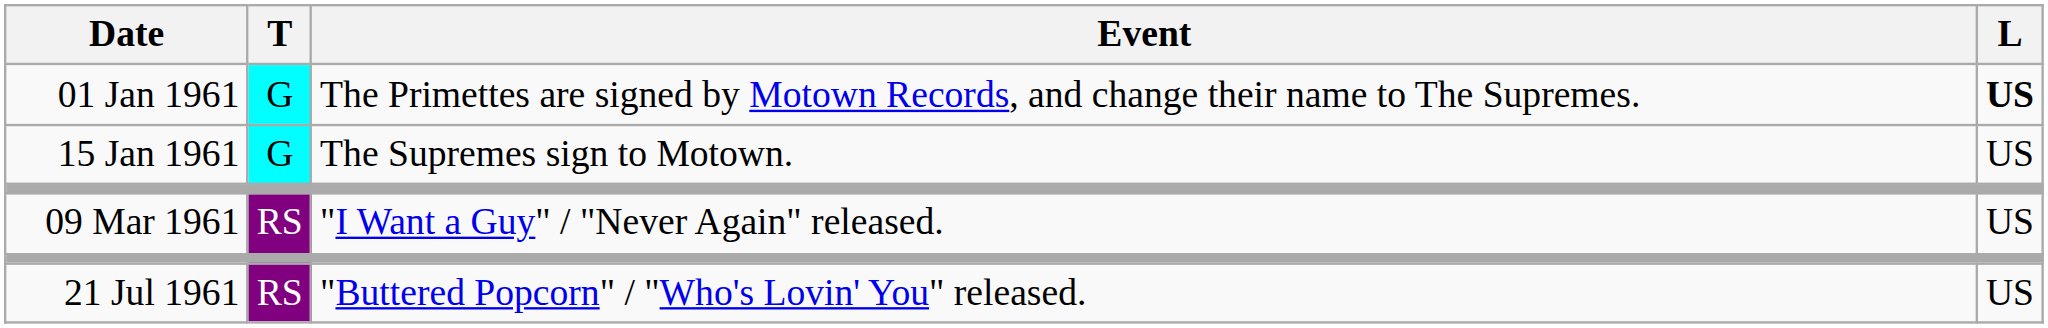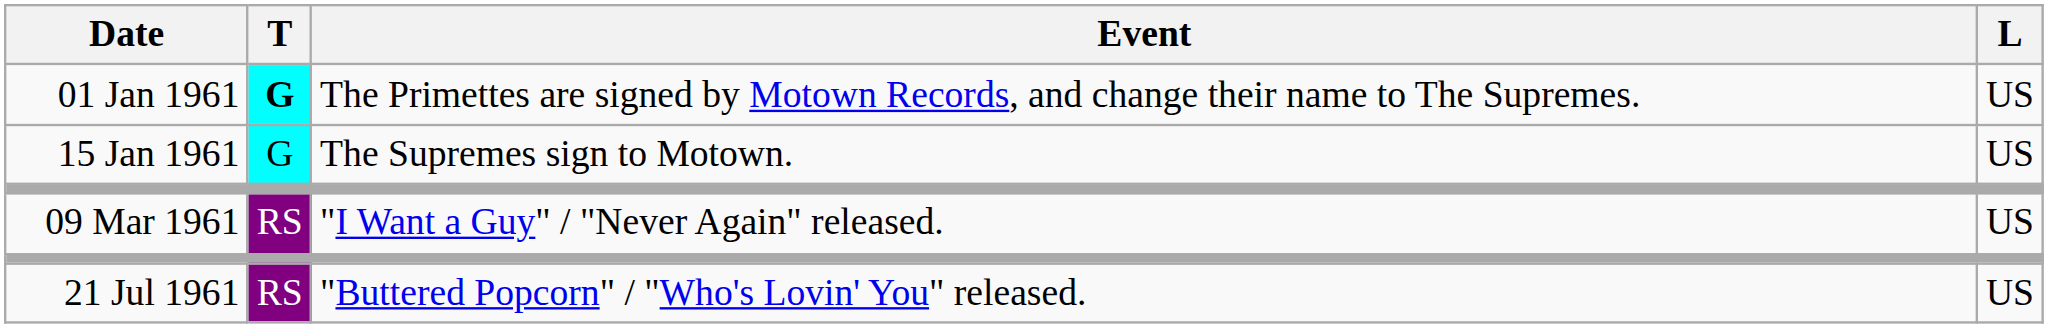 <table class="wikitable" style="text-align: center">
 <tr>
 <th style="width:12ch">Date</th>
 <th style="width:1%">T</th>
 <th>Event</th>
 <th style="width:2%">L</th>
 </tr>
 <tr>
 <td style="text-align: right">01 Jan 1961</td>
-<td style="background:aqua">G</td>
+<td style="background:aqua"><strong>G</strong></td>
 <td style="text-align:left;">The Primettes are signed by <a href='#'>Motown Records</a>, and change their name to The Supremes.</td>
-<td><strong>US</strong></td>
+<td>US</td>
 </tr>
 <tr>
 <td style="text-align: right">15 Jan 1961</td>
 <td style="background:aqua">G</td>
 <td style="text-align:left;">The Supremes sign to Motown.</td>
 <td>US</td>
 </tr>
 <tr>
 <td colspan="6" style="background: #aaa; height: 3px; padding: 0 !important"></td>
 </tr>
 <tr>
 <td style="text-align: right">09 Mar 1961</td>
 <td style="background:purple; color: white">RS</td>
 <td style="text-align:left;">"<a href='#'>I Want a Guy</a>" / "Never Again" released.</td>
 <td>US</td>
 </tr>
 <tr>
 <td colspan="6" style="background: #aaa; height: 3px; padding: 0 !important"></td>
 </tr>
 <tr>
 <td style="text-align: right">21 Jul 1961</td>
 <td style="background:purple; color: white">RS</td>
 <td style="text-align:left;">"<a href='#'>Buttered Popcorn</a>" / "<a href='#'>Who's Lovin' You</a>" released.</td>
 <td>US</td>
 </tr>
 </table>
